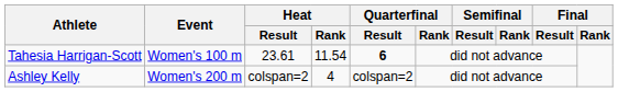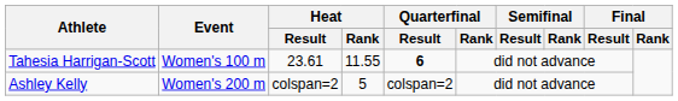 <table class="wikitable" style="font-size:90%">
 <tr>
 <th rowspan="2">Athlete</th>
 <th rowspan="2">Event</th>
 <th colspan="2">Heat</th>
 <th colspan="2">Quarterfinal</th>
 <th colspan="2">Semifinal</th>
 <th colspan="2">Final</th>
 </tr>
 <tr style="font-size:95%">
 <th>Result</th>
 <th>Rank</th>
 <th>Result</th>
 <th>Rank</th>
 <th>Result</th>
 <th>Rank</th>
 <th>Result</th>
 <th>Rank</th>
 </tr>
 <tr align=center>
 <td align=left><a href='#'>Tahesia Harrigan-Scott</a></td>
 <td align=left><a href='#'>Women's 100 m</a></td>
 <td>23.61</td>
-<td>11.54</td>
+<td>11.55</td>
 <td><strong>6</strong></td>
 <td colspan=4>did not advance</td>
 </tr>
 <tr align=center>
 <td align=left><a href='#'>Ashley Kelly</a></td>
 <td align=left><a href='#'>Women's 200 m</a></td>
 <td>colspan=2 </td>
-<td>4</td>
+<td>5</td>
 <td>colspan=2 </td>
 <td colspan=4>did not advance</td>
 </tr>
 </table>
